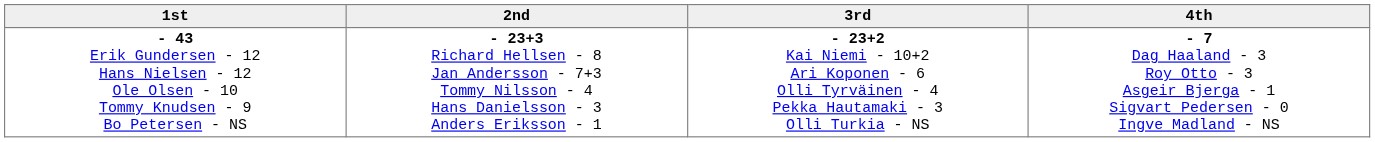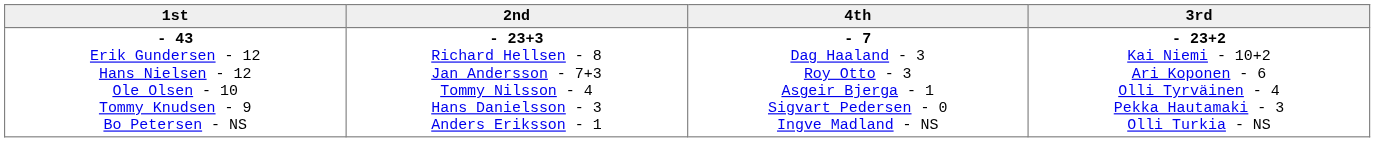 <table border=1 cellpadding=2 cellspacing=0 width=75% style="border-collapse:collapse">
 <tr align=center style="background:#efefef;">
 <th width=20% >1st</th>
 <th width=20% >2nd</th>
+<th width=20%>4th</th>
 <th width=20% >3rd</th>
-<th width=20%>4th</th>
 </tr>
 <tr align=center>
 <td valign=top ><strong> - 43</strong><br><a href='#'>Erik Gundersen</a> - 12 <br><a href='#'>Hans Nielsen</a> - 12 <br><a href='#'>Ole Olsen</a> - 10 <br><a href='#'>Tommy Knudsen</a> - 9 <br><a href='#'>Bo Petersen</a> - NS</td>
 <td valign=top ><strong> - 23+3</strong><br><a href='#'>Richard Hellsen</a> - 8 <br><a href='#'>Jan Andersson</a> - 7+3 <br><a href='#'>Tommy Nilsson</a> - 4 <br><a href='#'>Hans Danielsson</a> - 3 <br><a href='#'>Anders Eriksson</a> - 1</td>
+<td valign=top><strong> - 7</strong><br><a href='#'>Dag Haaland</a> - 3 <br><a href='#'>Roy Otto</a> - 3 <br><a href='#'>Asgeir Bjerga</a> - 1 <br><a href='#'>Sigvart Pedersen</a> - 0 <br><a href='#'>Ingve Madland</a> - NS</td>
 <td valign=top ><strong> - 23+2</strong><br><a href='#'>Kai Niemi</a> - 10+2 <br><a href='#'>Ari Koponen</a> - 6 <br><a href='#'>Olli Tyrväinen</a> - 4 <br><a href='#'>Pekka Hautamaki</a> - 3 <br><a href='#'>Olli Turkia</a> - NS</td>
-<td valign=top><strong> - 7</strong><br><a href='#'>Dag Haaland</a> - 3 <br><a href='#'>Roy Otto</a> - 3 <br><a href='#'>Asgeir Bjerga</a> - 1 <br><a href='#'>Sigvart Pedersen</a> - 0 <br><a href='#'>Ingve Madland</a> - NS</td>
 </tr>
 </table>
